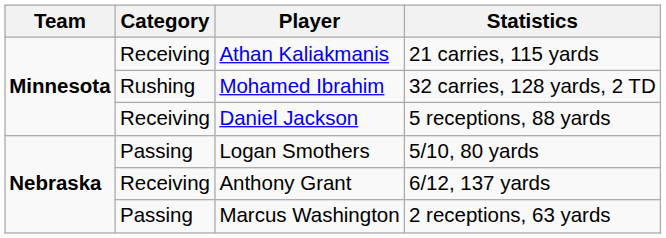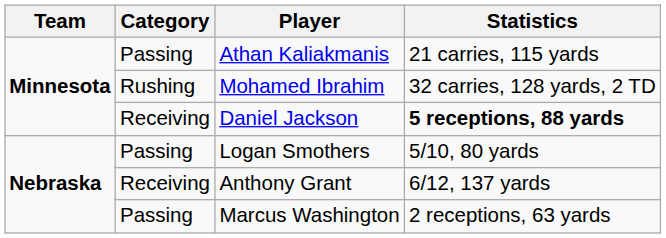 <table class="wikitable" style="float: right;">
 <tr>
 <th>Team</th>
 <th>Category</th>
 <th>Player</th>
 <th>Statistics</th>
 </tr>
 <tr>
 <td rowspan=3><strong>Minnesota</strong></td>
-<td>Receiving</td>
+<td>Passing</td>
 <td><a href='#'>Athan Kaliakmanis</a></td>
 <td>21 carries, 115 yards</td>
 </tr>
 <tr>
 <td>Rushing</td>
 <td><a href='#'>Mohamed Ibrahim</a></td>
 <td>32 carries, 128 yards, 2 TD</td>
 </tr>
 <tr>
 <td>Receiving</td>
 <td><a href='#'>Daniel Jackson</a></td>
-<td>5 receptions, 88 yards</td>
+<td><strong>5 receptions, 88 yards</strong></td>
 </tr>
 <tr>
 <td rowspan=3><strong>Nebraska</strong></td>
 <td>Passing</td>
 <td>Logan Smothers</td>
 <td>5/10, 80 yards</td>
 </tr>
 <tr>
 <td>Receiving</td>
 <td>Anthony Grant</td>
 <td>6/12, 137 yards</td>
 </tr>
 <tr>
 <td>Passing</td>
 <td>Marcus Washington</td>
 <td>2 receptions, 63 yards</td>
 </tr>
 </table>
